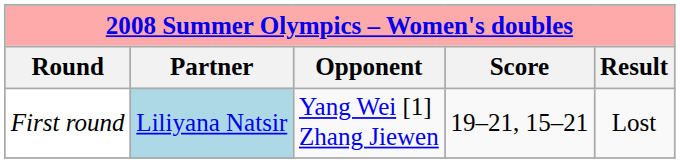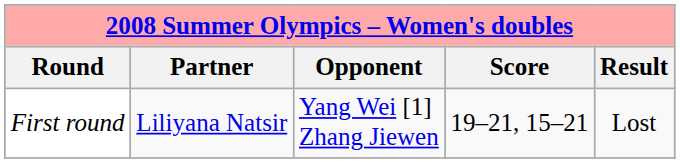 <table class="wikitable" style="font-size: 90%; text-align: center">
 <tr>
 <th colspan=5 style="background:#FFAAAA;"><a href='#'>2008 Summer Olympics – Women's doubles</a></th>
 </tr>
 <tr>
 <th>Round</th>
 <th>Partner</th>
 <th>Opponent</th>
 <th>Score</th>
 <th>Result</th>
 </tr>
 <tr>
 <td style="text-align:left; background:white"><em>First round</em></td>
-<td align="left" style="background: lightblue;"> <a href='#'>Liliyana Natsir</a></td>
+<td align="left"> <a href='#'>Liliyana Natsir</a></td>
 <td align="left"> <a href='#'>Yang Wei</a> [1] <br>  <a href='#'>Zhang Jiewen</a></td>
 <td align="left">19–21, 15–21</td>
 <td align="center">Lost</td>
 </tr>
 </table>
